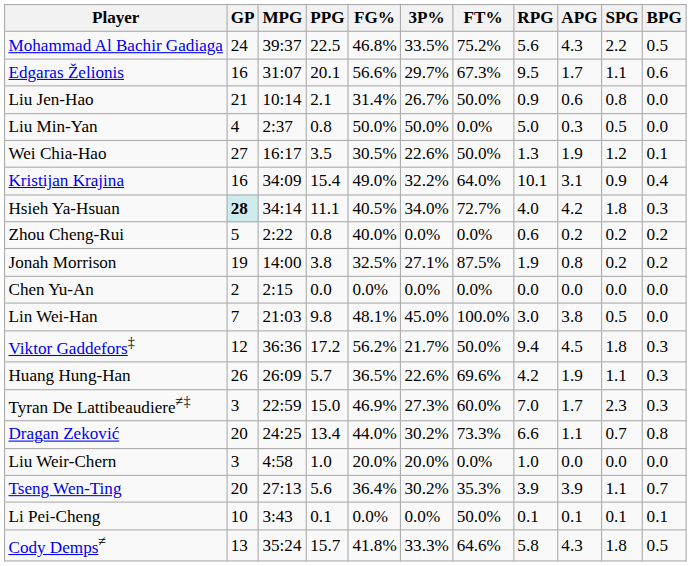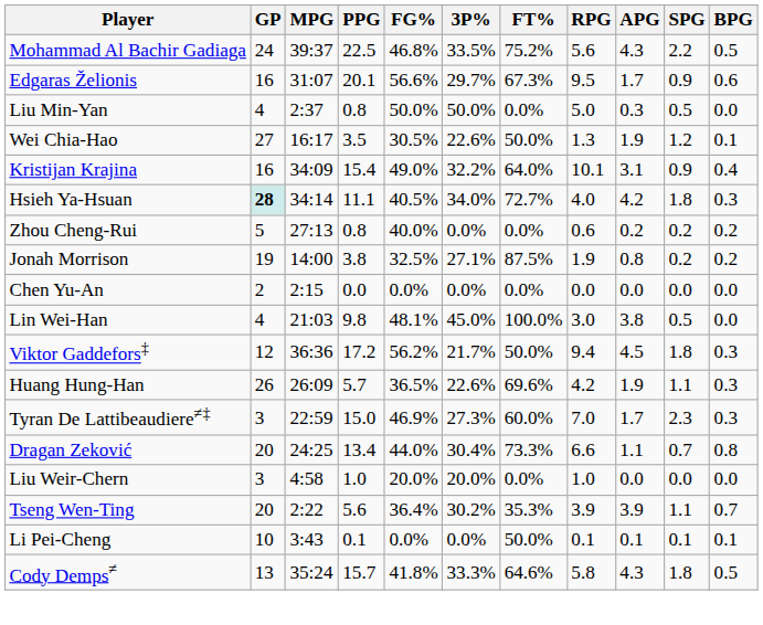 <table class="wikitable">
 <tr>
 <th>Player</th>
 <th>GP</th>
 <th>MPG</th>
 <th>PPG</th>
 <th>FG%</th>
 <th>3P%</th>
 <th>FT%</th>
 <th>RPG</th>
 <th>APG</th>
 <th>SPG</th>
 <th>BPG</th>
 </tr>
 <tr>
 <td><a href='#'>Mohammad Al Bachir Gadiaga</a></td>
 <td>24</td>
 <td>39:37</td>
 <td>22.5</td>
 <td>46.8%</td>
 <td>33.5%</td>
 <td>75.2%</td>
 <td>5.6</td>
 <td>4.3</td>
 <td>2.2</td>
 <td>0.5</td>
 </tr>
 <tr>
 <td><a href='#'>Edgaras Želionis</a></td>
 <td>16</td>
 <td>31:07</td>
 <td>20.1</td>
 <td>56.6%</td>
 <td>29.7%</td>
 <td>67.3%</td>
 <td>9.5</td>
 <td>1.7</td>
-<td>1.1</td>
-<td>0.6</td>
-</tr>
-<tr>
-<td>Liu Jen-Hao</td>
-<td>21</td>
-<td>10:14</td>
-<td>2.1</td>
-<td>31.4%</td>
-<td>26.7%</td>
-<td>50.0%</td>
 <td>0.9</td>
 <td>0.6</td>
-<td>0.8</td>
-<td>0.0</td>
 </tr>
 <tr>
 <td>Liu Min-Yan</td>
 <td>4</td>
 <td>2:37</td>
 <td>0.8</td>
 <td>50.0%</td>
 <td>50.0%</td>
 <td>0.0%</td>
 <td>5.0</td>
 <td>0.3</td>
 <td>0.5</td>
 <td>0.0</td>
 </tr>
 <tr>
 <td>Wei Chia-Hao</td>
 <td>27</td>
 <td>16:17</td>
 <td>3.5</td>
 <td>30.5%</td>
 <td>22.6%</td>
 <td>50.0%</td>
 <td>1.3</td>
 <td>1.9</td>
 <td>1.2</td>
 <td>0.1</td>
 </tr>
 <tr>
 <td><a href='#'>Kristijan Krajina</a></td>
 <td>16</td>
 <td>34:09</td>
 <td>15.4</td>
 <td>49.0%</td>
 <td>32.2%</td>
 <td>64.0%</td>
 <td>10.1</td>
 <td>3.1</td>
 <td>0.9</td>
 <td>0.4</td>
 </tr>
 <tr>
 <td>Hsieh Ya-Hsuan</td>
 <td style="background-color: #CFECEC"><strong>28</strong></td>
 <td>34:14</td>
 <td>11.1</td>
 <td>40.5%</td>
 <td>34.0%</td>
 <td>72.7%</td>
 <td>4.0</td>
 <td>4.2</td>
 <td>1.8</td>
 <td>0.3</td>
 </tr>
 <tr>
 <td>Zhou Cheng-Rui</td>
 <td>5</td>
-<td>2:22</td>
+<td>27:13</td>
 <td>0.8</td>
 <td>40.0%</td>
 <td>0.0%</td>
 <td>0.0%</td>
 <td>0.6</td>
 <td>0.2</td>
 <td>0.2</td>
 <td>0.2</td>
 </tr>
 <tr>
 <td>Jonah Morrison</td>
 <td>19</td>
 <td>14:00</td>
 <td>3.8</td>
 <td>32.5%</td>
 <td>27.1%</td>
 <td>87.5%</td>
 <td>1.9</td>
 <td>0.8</td>
 <td>0.2</td>
 <td>0.2</td>
 </tr>
 <tr>
 <td>Chen Yu-An</td>
 <td>2</td>
 <td>2:15</td>
 <td>0.0</td>
 <td>0.0%</td>
 <td>0.0%</td>
 <td>0.0%</td>
 <td>0.0</td>
 <td>0.0</td>
 <td>0.0</td>
 <td>0.0</td>
 </tr>
 <tr>
 <td>Lin Wei-Han</td>
-<td>7</td>
+<td>4</td>
 <td>21:03</td>
 <td>9.8</td>
 <td>48.1%</td>
 <td>45.0%</td>
 <td>100.0%</td>
 <td>3.0</td>
 <td>3.8</td>
 <td>0.5</td>
 <td>0.0</td>
 </tr>
 <tr>
 <td><a href='#'>Viktor Gaddefors</a><sup>‡</sup></td>
 <td>12</td>
 <td>36:36</td>
 <td>17.2</td>
 <td>56.2%</td>
 <td>21.7%</td>
 <td>50.0%</td>
 <td>9.4</td>
 <td>4.5</td>
 <td>1.8</td>
 <td>0.3</td>
 </tr>
 <tr>
 <td>Huang Hung-Han</td>
 <td>26</td>
 <td>26:09</td>
 <td>5.7</td>
 <td>36.5%</td>
 <td>22.6%</td>
 <td>69.6%</td>
 <td>4.2</td>
 <td>1.9</td>
 <td>1.1</td>
 <td>0.3</td>
 </tr>
 <tr>
 <td>Tyran De Lattibeaudiere<sup>≠‡</sup></td>
 <td>3</td>
 <td>22:59</td>
 <td>15.0</td>
 <td>46.9%</td>
 <td>27.3%</td>
 <td>60.0%</td>
 <td>7.0</td>
 <td>1.7</td>
 <td>2.3</td>
 <td>0.3</td>
 </tr>
 <tr>
 <td><a href='#'>Dragan Zeković</a></td>
 <td>20</td>
 <td>24:25</td>
 <td>13.4</td>
 <td>44.0%</td>
-<td>30.2%</td>
+<td>30.4%</td>
 <td>73.3%</td>
 <td>6.6</td>
 <td>1.1</td>
 <td>0.7</td>
 <td>0.8</td>
 </tr>
 <tr>
 <td>Liu Weir-Chern</td>
 <td>3</td>
 <td>4:58</td>
 <td>1.0</td>
 <td>20.0%</td>
 <td>20.0%</td>
 <td>0.0%</td>
 <td>1.0</td>
 <td>0.0</td>
 <td>0.0</td>
 <td>0.0</td>
 </tr>
 <tr>
 <td><a href='#'>Tseng Wen-Ting</a></td>
 <td>20</td>
-<td>27:13</td>
+<td>2:22</td>
 <td>5.6</td>
 <td>36.4%</td>
 <td>30.2%</td>
 <td>35.3%</td>
 <td>3.9</td>
 <td>3.9</td>
 <td>1.1</td>
 <td>0.7</td>
 </tr>
 <tr>
 <td>Li Pei-Cheng</td>
 <td>10</td>
 <td>3:43</td>
 <td>0.1</td>
 <td>0.0%</td>
 <td>0.0%</td>
 <td>50.0%</td>
 <td>0.1</td>
 <td>0.1</td>
 <td>0.1</td>
 <td>0.1</td>
 </tr>
 <tr>
 <td><a href='#'>Cody Demps</a><sup>≠</sup></td>
 <td>13</td>
 <td>35:24</td>
 <td>15.7</td>
 <td>41.8%</td>
 <td>33.3%</td>
 <td>64.6%</td>
 <td>5.8</td>
 <td>4.3</td>
 <td>1.8</td>
 <td>0.5</td>
 </tr>
 </table>
